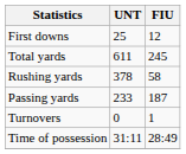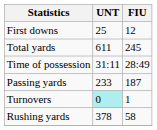 <table class="wikitable">
 <tr>
 <th>Statistics</th>
 <th>UNT</th>
 <th>FIU</th>
 </tr>
 <tr>
 <td>First downs</td>
 <td>25</td>
 <td>12</td>
 </tr>
 <tr>
 <td>Total yards</td>
 <td>611</td>
 <td>245</td>
 </tr>
 <tr>
-<td>Rushing yards</td>
-<td>378</td>
-<td>58</td>
+<td>Time of possession</td>
+<td>31:11</td>
+<td>28:49</td>
 </tr>
 <tr>
 <td>Passing yards</td>
 <td>233</td>
 <td>187</td>
 </tr>
 <tr>
 <td>Turnovers</td>
-<td>0</td>
+<td style="background: paleturquoise;">0</td>
 <td>1</td>
 </tr>
 <tr>
-<td>Time of possession</td>
-<td>31:11</td>
-<td>28:49</td>
+<td>Rushing yards</td>
+<td>378</td>
+<td>58</td>
 </tr>
 <tr>
 </tr>
 </table>
